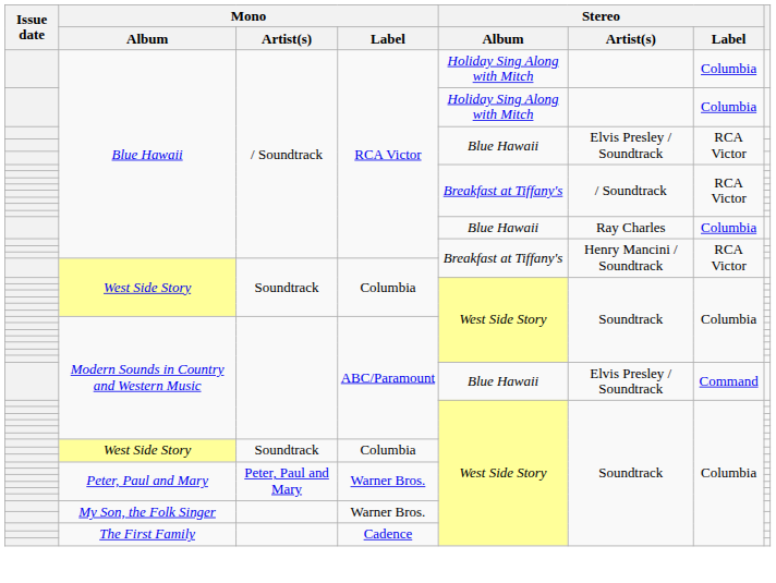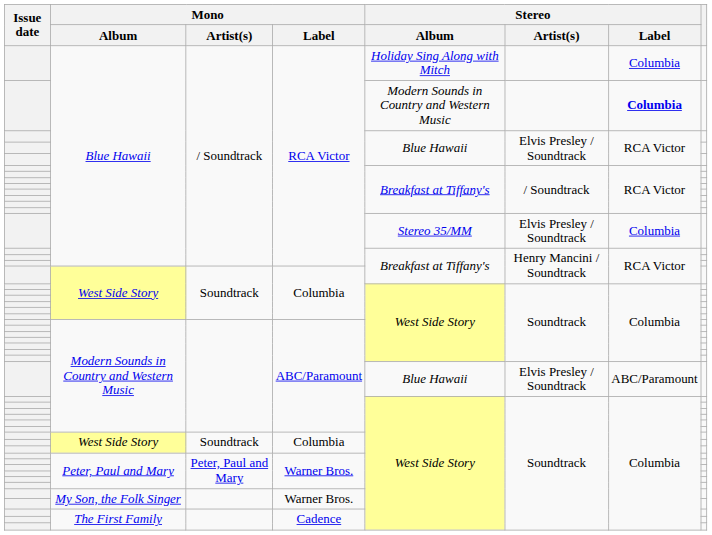 <table class="wikitable sortable plainrowheaders" style="text-align: center">
 <tr>
 <th scope=col rowspan=2>Issue date</th>
 <th scope=col colspan=3>Mono</th>
 <th scope=col colspan=3>Stereo</th>
 <th scope=col rowspan=2 class="unsortable"></th>
 </tr>
 <tr>
 <th scope=col>Album</th>
 <th scope=col>Artist(s)</th>
 <th scope=col>Label</th>
 <th scope=col>Album</th>
 <th scope=col>Artist(s)</th>
 <th scope=col>Label</th>
 </tr>
 <tr>
 <th scope="row"></th>
 <td rowspan="17"><em><a href='#'>Blue Hawaii</a></em></td>
 <td rowspan="17"> / Soundtrack</td>
 <td rowspan="17"><a href='#'>RCA Victor</a></td>
 <td><em><a href='#'>Holiday Sing Along with Mitch</a></em></td>
 <td></td>
 <td><a href='#'>Columbia</a></td>
 <td style="text-align: center;"></td>
 </tr>
 <tr>
 <th scope="row"></th>
-<td><em><a href='#'>Holiday Sing Along with Mitch</a></em></td>
+<td><em>Modern Sounds in Country and Western Music</em></td>
 <td></td>
-<td><a href='#'>Columbia</a></td>
+<td><strong><a href='#'>Columbia</a></strong></td>
 </tr>
 <tr>
 <th scope="row"></th>
 <td rowspan="3"><em>Blue Hawaii</em></td>
 <td rowspan="3" data-sort-value="Presley, Elvis">Elvis Presley / Soundtrack</td>
 <td rowspan="3">RCA Victor</td>
 <td style="text-align: center;"></td>
 </tr>
 <tr>
 <th scope="row"></th>
 <td style="text-align: center;"></td>
 </tr>
 <tr>
 <th scope="row"></th>
 <td style="text-align: center;"></td>
 </tr>
 <tr>
 <th scope="row"></th>
 <td rowspan="8"><em><a href='#'>Breakfast at Tiffany's</a></em></td>
 <td rowspan="8"> / Soundtrack</td>
 <td rowspan="8">RCA Victor</td>
 <td style="text-align: center;"></td>
 </tr>
 <tr>
 <th scope="row"></th>
 <td style="text-align: center;"></td>
 </tr>
 <tr>
 <th scope="row"></th>
 <td style="text-align: center;"></td>
 </tr>
 <tr>
 <th scope="row"></th>
 <td style="text-align: center;"></td>
 </tr>
 <tr>
 <th scope="row"></th>
 <td style="text-align: center;"></td>
 </tr>
 <tr>
 <th scope="row"></th>
 <td style="text-align: center;"></td>
 </tr>
 <tr>
 <th scope="row"></th>
 <td style="text-align: center;"></td>
 </tr>
 <tr>
 <th scope="row"></th>
 <td style="text-align: center;"></td>
 </tr>
 <tr>
 <th scope="row"></th>
-<td><em>Blue Hawaii</em></td>
-<td data-sort-value="Charles, Ray">Ray Charles</td>
+<td><em><a href='#'>Stereo 35/MM</a></em></td>
+<td data-sort-value="Presley, Elvis">Elvis Presley / Soundtrack</td>
 <td><a href='#'>Columbia</a></td>
 <td style="text-align: center;"></td>
 </tr>
 <tr>
 <th scope="row"></th>
 <td rowspan="4"><em>Breakfast at Tiffany's</em></td>
 <td rowspan="4" data-sort-value="Mancini, Henry">Henry Mancini / Soundtrack</td>
 <td rowspan="4">RCA Victor</td>
 <td style="text-align: center;"></td>
 </tr>
 <tr>
 <th scope="row"></th>
 <td style="text-align: center;"></td>
 </tr>
 <tr>
 <th scope="row"></th>
 <td style="text-align: center;"></td>
 </tr>
 <tr>
 <th scope="row"></th>
 <td bgcolor=#FFFF99 rowspan=7><em><a href='#'>West Side Story</a></em> </td>
 <td rowspan="7">Soundtrack</td>
 <td rowspan="7">Columbia</td>
 <td style="text-align: center;"></td>
 </tr>
 <tr>
 <th scope="row"></th>
 <td bgcolor=#FFFF99 rowspan=13><em>West Side Story</em> </td>
 <td rowspan="13">Soundtrack</td>
 <td rowspan="13">Columbia</td>
 <td style="text-align: center;"></td>
 </tr>
 <tr>
 <th scope="row"></th>
 <td style="text-align: center;"></td>
 </tr>
 <tr>
 <th scope="row"></th>
 <td style="text-align: center;"></td>
 </tr>
 <tr>
 <th scope="row"></th>
 <td style="text-align: center;"></td>
 </tr>
 <tr>
 <th scope="row"></th>
 <td style="text-align: center;"></td>
 </tr>
 <tr>
 <th scope="row"></th>
 <td style="text-align: center;"></td>
 </tr>
 <tr>
 <th scope="row"></th>
 <td rowspan="14"><em><a href='#'>Modern Sounds in Country and Western Music</a></em></td>
 <td rowspan="14"></td>
 <td rowspan="14"><a href='#'>ABC/Paramount</a></td>
 <td style="text-align: center;"></td>
 </tr>
 <tr>
 <th scope="row"></th>
 <td style="text-align: center;"></td>
 </tr>
 <tr>
 <th scope="row"></th>
 <td style="text-align: center;"></td>
 </tr>
 <tr>
 <th scope="row"></th>
 <td style="text-align: center;"></td>
 </tr>
 <tr>
 <th scope="row"></th>
 <td style="text-align: center;"></td>
 </tr>
 <tr>
 <th scope="row"></th>
 <td style="text-align: center;"></td>
 </tr>
 <tr>
 <th scope="row"></th>
 <td style="text-align: center;"></td>
 </tr>
 <tr>
 <th scope="row"></th>
 <td><em>Blue Hawaii</em></td>
 <td data-sort-value="Presley, Elvis">Elvis Presley / Soundtrack</td>
-<td><a href='#'>Command</a></td>
+<td>ABC/Paramount</td>
 <td style="text-align: center;"></td>
 </tr>
 <tr>
 <th scope="row"></th>
 <td bgcolor=#FFFF99 rowspan=20><em>West Side Story</em> </td>
 <td rowspan="20">Soundtrack</td>
 <td rowspan="20">Columbia</td>
 <td style="text-align: center;"></td>
 </tr>
 <tr>
 <th scope="row"></th>
 <td style="text-align: center;"></td>
 </tr>
 <tr>
 <th scope="row"></th>
 <td style="text-align: center;"></td>
 </tr>
 <tr>
 <th scope="row"></th>
 <td style="text-align: center;"></td>
 </tr>
 <tr>
 <th scope="row"></th>
 <td style="text-align: center;"></td>
 </tr>
 <tr>
 <th scope="row"></th>
 <td style="text-align: center;"></td>
 </tr>
 <tr>
 <th scope="row"></th>
 <td bgcolor=#FFFF99 rowspan=3><em>West Side Story</em> </td>
 <td rowspan="3">Soundtrack</td>
 <td rowspan="3">Columbia</td>
 <td style="text-align: center;"></td>
 </tr>
 <tr>
 <th scope="row"></th>
 <td style="text-align: center;"></td>
 </tr>
 <tr>
 <th scope="row"></th>
 <td style="text-align: center;"></td>
 </tr>
 <tr>
 <th scope="row"></th>
 <td rowspan="6"><em><a href='#'>Peter, Paul and Mary</a></em></td>
 <td rowspan="6"><a href='#'>Peter, Paul and Mary</a></td>
 <td rowspan="6"><a href='#'>Warner Bros.</a></td>
 <td style="text-align: center;"></td>
 </tr>
 <tr>
 <th scope="row"></th>
 <td style="text-align: center;"></td>
 </tr>
 <tr>
 <th scope="row"></th>
 <td style="text-align: center;"></td>
 </tr>
 <tr>
 <th scope="row"></th>
 <td style="text-align: center;"></td>
 </tr>
 <tr>
 <th scope="row"></th>
 <td style="text-align: center;"></td>
 </tr>
 <tr>
 <th scope="row"></th>
 <td style="text-align: center;"></td>
 </tr>
 <tr>
 <th scope="row"></th>
 <td rowspan="2"><em><a href='#'>My Son, the Folk Singer</a></em></td>
 <td rowspan="2"></td>
 <td rowspan="2">Warner Bros.</td>
 <td style="text-align: center;"></td>
 </tr>
 <tr>
 <th scope="row"></th>
 <td style="text-align: center;"></td>
 </tr>
 <tr>
 <th scope="row"></th>
 <td rowspan="3"><em><a href='#'>The First Family</a></em></td>
 <td rowspan="3"></td>
 <td rowspan="3"><a href='#'>Cadence</a></td>
 <td style="text-align: center;"></td>
 </tr>
 <tr>
 <th scope="row"></th>
 <td style="text-align: center;"></td>
 </tr>
 <tr>
 <th scope="row"></th>
 <td style="text-align: center;"></td>
 </tr>
 </table>
